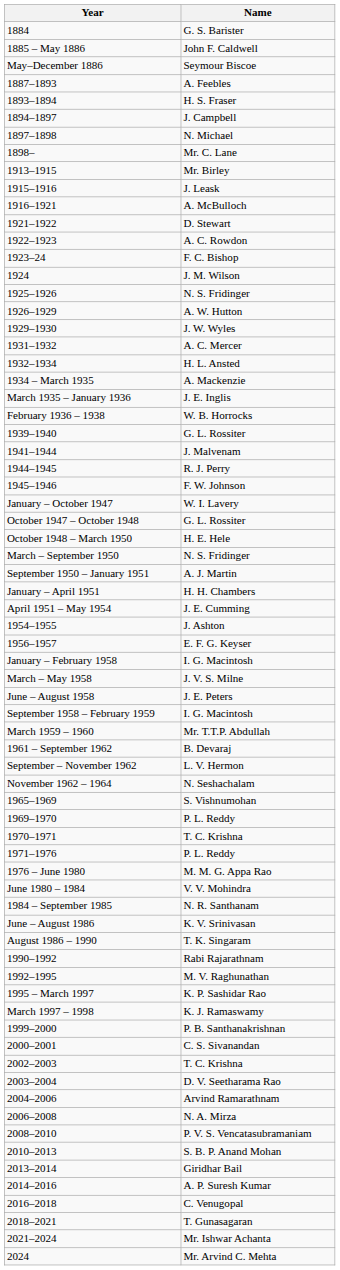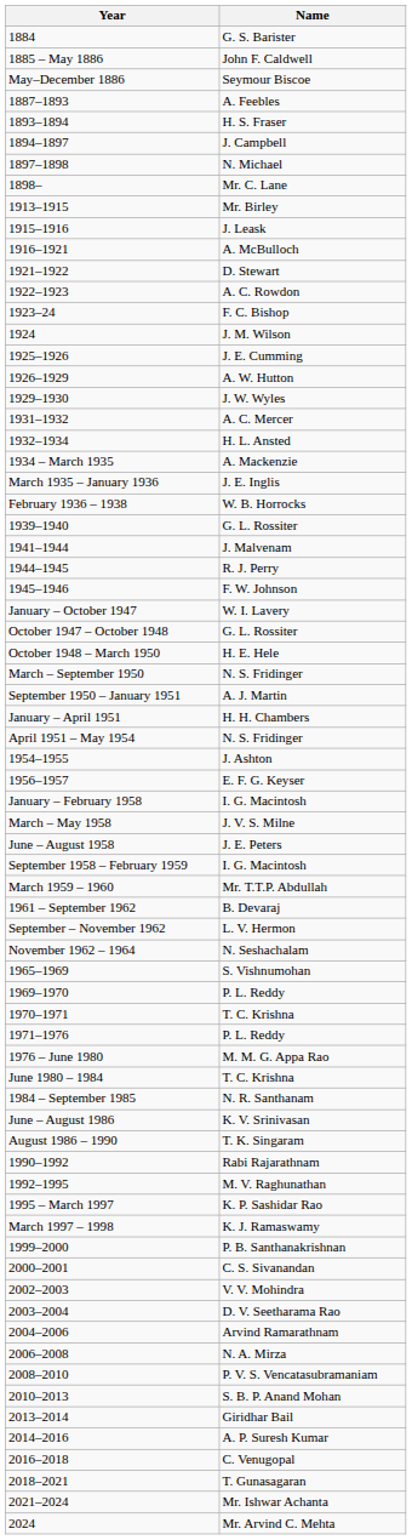 <table class="wikitable" style="width:30em">
 <tr>
 <th>Year</th>
 <th>Name</th>
 </tr>
 <tr>
 <td>1884</td>
 <td>G. S. Barister</td>
 </tr>
 <tr>
 <td>1885 – May 1886</td>
 <td>John F. Caldwell</td>
 </tr>
 <tr>
 <td>May–December 1886</td>
 <td>Seymour Biscoe</td>
 </tr>
 <tr>
 <td>1887–1893</td>
 <td>A. Feebles</td>
 </tr>
 <tr>
 <td>1893–1894</td>
 <td>H. S. Fraser</td>
 </tr>
 <tr>
 <td>1894–1897</td>
 <td>J. Campbell</td>
 </tr>
 <tr>
 <td>1897–1898</td>
 <td>N. Michael</td>
 </tr>
 <tr>
 <td>1898–</td>
 <td>Mr. C. Lane</td>
 </tr>
 <tr>
 <td>1913–1915</td>
 <td>Mr. Birley</td>
 </tr>
 <tr>
 <td>1915–1916</td>
 <td>J. Leask</td>
 </tr>
 <tr>
 <td>1916–1921</td>
 <td>A. McBulloch</td>
 </tr>
 <tr>
 <td>1921–1922</td>
 <td>D. Stewart</td>
 </tr>
 <tr>
 <td>1922–1923</td>
 <td>A. C. Rowdon</td>
 </tr>
 <tr>
 <td>1923–24</td>
 <td>F. C. Bishop</td>
 </tr>
 <tr>
 <td>1924</td>
 <td>J. M. Wilson</td>
 </tr>
 <tr>
 <td>1925–1926</td>
-<td>N. S. Fridinger</td>
+<td>J. E. Cumming</td>
 </tr>
 <tr>
 <td>1926–1929</td>
 <td>A. W. Hutton</td>
 </tr>
 <tr>
 <td>1929–1930</td>
 <td>J. W. Wyles</td>
 </tr>
 <tr>
 <td>1931–1932</td>
 <td>A. C. Mercer</td>
 </tr>
 <tr>
 <td>1932–1934</td>
 <td>H. L. Ansted</td>
 </tr>
 <tr>
 <td>1934 – March 1935</td>
 <td>A. Mackenzie</td>
 </tr>
 <tr>
 <td>March 1935 – January 1936</td>
 <td>J. E. Inglis</td>
 </tr>
 <tr>
 <td>February 1936 – 1938</td>
 <td>W. B. Horrocks</td>
 </tr>
 <tr>
 <td>1939–1940</td>
 <td>G. L. Rossiter</td>
 </tr>
 <tr>
 <td>1941–1944</td>
 <td>J. Malvenam</td>
 </tr>
 <tr>
 <td>1944–1945</td>
 <td>R. J. Perry</td>
 </tr>
 <tr>
 <td>1945–1946</td>
 <td>F. W. Johnson</td>
 </tr>
 <tr>
 <td>January – October 1947</td>
 <td>W. I. Lavery</td>
 </tr>
 <tr>
 <td>October 1947 – October 1948</td>
 <td>G. L. Rossiter</td>
 </tr>
 <tr>
 <td>October 1948 – March 1950</td>
 <td>H. E. Hele</td>
 </tr>
 <tr>
 <td>March – September 1950</td>
 <td>N. S. Fridinger</td>
 </tr>
 <tr>
 <td>September 1950 – January 1951</td>
 <td>A. J. Martin</td>
 </tr>
 <tr>
 <td>January – April 1951</td>
 <td>H. H. Chambers</td>
 </tr>
 <tr>
 <td>April 1951 –  May 1954</td>
-<td>J. E. Cumming</td>
+<td>N. S. Fridinger</td>
 </tr>
 <tr>
 <td>1954–1955</td>
 <td>J. Ashton</td>
 </tr>
 <tr>
 <td>1956–1957</td>
 <td>E. F. G. Keyser</td>
 </tr>
 <tr>
 <td>January – February 1958</td>
 <td>I. G. Macintosh</td>
 </tr>
 <tr>
 <td>March – May 1958</td>
 <td>J. V. S. Milne</td>
 </tr>
 <tr>
 <td>June – August 1958</td>
 <td>J. E. Peters</td>
 </tr>
 <tr>
 <td>September 1958 – February 1959</td>
 <td>I. G. Macintosh</td>
 </tr>
 <tr>
 <td>March 1959 – 1960</td>
 <td>Mr. T.T.P. Abdullah</td>
 </tr>
 <tr>
 <td>1961 – September 1962</td>
 <td>B. Devaraj</td>
 </tr>
 <tr>
 <td>September – November 1962</td>
 <td>L. V. Hermon</td>
 </tr>
 <tr>
 <td>November 1962 – 1964</td>
 <td>N. Seshachalam</td>
 </tr>
 <tr>
 <td>1965–1969</td>
 <td>S. Vishnumohan</td>
 </tr>
 <tr>
 <td>1969–1970</td>
 <td>P. L. Reddy</td>
 </tr>
 <tr>
 <td>1970–1971</td>
 <td>T. C. Krishna</td>
 </tr>
 <tr>
 <td>1971–1976</td>
 <td>P. L. Reddy</td>
 </tr>
 <tr>
 <td>1976 – June 1980</td>
 <td>M. M. G. Appa Rao</td>
 </tr>
 <tr>
 <td>June 1980 – 1984</td>
-<td>V. V. Mohindra</td>
+<td>T. C. Krishna</td>
 </tr>
 <tr>
 <td>1984 – September 1985</td>
 <td>N. R. Santhanam</td>
 </tr>
 <tr>
 <td>June – August	1986</td>
 <td>K. V. Srinivasan</td>
 </tr>
 <tr>
 <td>August 1986 – 1990</td>
 <td>T. K. Singaram</td>
 </tr>
 <tr>
 <td>1990–1992</td>
 <td>Rabi Rajarathnam</td>
 </tr>
 <tr>
 <td>1992–1995</td>
 <td>M. V. Raghunathan</td>
 </tr>
 <tr>
 <td>1995 – March 1997</td>
 <td>K. P. Sashidar Rao</td>
 </tr>
 <tr>
 <td>March 1997 – 1998</td>
 <td>K. J. Ramaswamy</td>
 </tr>
 <tr>
 <td>1999–2000</td>
 <td>P. B. Santhanakrishnan</td>
 </tr>
 <tr>
 <td>2000–2001</td>
 <td>C. S. Sivanandan</td>
 </tr>
 <tr>
 <td>2002–2003</td>
-<td>T. C. Krishna</td>
+<td>V. V. Mohindra</td>
 </tr>
 <tr>
 <td>2003–2004</td>
 <td>D. V. Seetharama Rao</td>
 </tr>
 <tr>
 <td>2004–2006</td>
 <td>Arvind Ramarathnam</td>
 </tr>
 <tr>
 <td>2006–2008</td>
 <td>N. A. Mirza</td>
 </tr>
 <tr>
 <td>2008–2010</td>
 <td>P. V. S. Vencatasubramaniam</td>
 </tr>
 <tr>
 <td>2010–2013</td>
 <td>S. B. P. Anand Mohan</td>
 </tr>
 <tr>
 <td>2013–2014</td>
 <td>Giridhar Bail</td>
 </tr>
 <tr>
 <td>2014–2016</td>
 <td>A. P. Suresh Kumar</td>
 </tr>
 <tr>
 <td>2016–2018</td>
 <td>C. Venugopal</td>
 </tr>
 <tr>
 <td>2018–2021</td>
 <td>T. Gunasagaran</td>
 </tr>
 <tr>
 <td>2021–2024</td>
 <td>Mr. Ishwar Achanta</td>
 </tr>
 <tr>
 <td>2024</td>
 <td>Mr. Arvind C. Mehta<br></td>
 </tr>
 </table>
